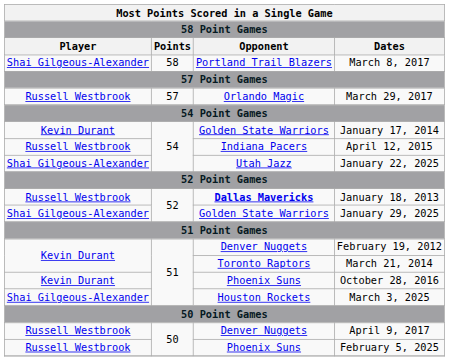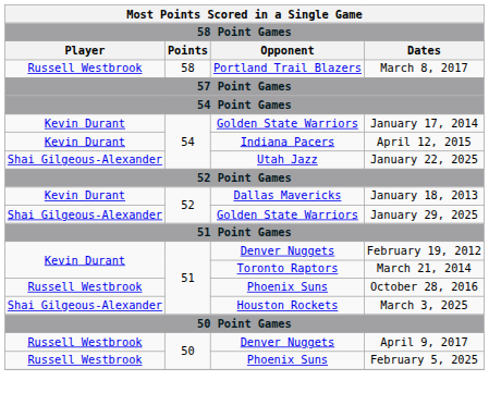 <table class="wikitable sortable" style="text-align:center">
 <tr>
 <th colspan="4">Most Points Scored in a Single Game</th>
 </tr>
 <tr>
 <th colspan="4" style="text-align:center; background:#A1A1A4; color:#061922;">58 Point Games</th>
 </tr>
 <tr>
 <th>Player</th>
 <th>Points</th>
 <th>Opponent</th>
 <th>Dates</th>
 </tr>
 <tr>
-<td><a href='#'>Shai Gilgeous-Alexander</a></td>
+<td><a href='#'>Russell Westbrook</a></td>
 <td>58</td>
 <td><a href='#'>Portland Trail Blazers</a></td>
 <td>March 8, 2017</td>
 </tr>
 <tr>
 </tr>
 <tr>
 <th colspan="4" style="text-align:center; background:#A1A1A4; color:#061922;">57 Point Games</th>
-</tr>
-<tr>
-<td><a href='#'>Russell Westbrook</a></td>
-<td>57</td>
-<td><a href='#'>Orlando Magic</a></td>
-<td>March 29, 2017</td>
 </tr>
 <tr>
 <th colspan="4" style="text-align:center; background:#A1A1A4; color:#061922;">54 Point Games</th>
 </tr>
 <tr>
 <td><a href='#'>Kevin Durant</a></td>
 <td rowspan="3">54</td>
 <td><a href='#'>Golden State Warriors</a></td>
 <td>January 17, 2014</td>
 </tr>
 <tr>
-<td><a href='#'>Russell Westbrook</a></td>
+<td><a href='#'>Kevin Durant</a></td>
 <td><a href='#'>Indiana Pacers</a></td>
 <td>April 12, 2015</td>
 </tr>
 <tr>
 <td><a href='#'>Shai Gilgeous-Alexander</a></td>
 <td><a href='#'>Utah Jazz</a></td>
 <td>January 22, 2025</td>
 </tr>
 <tr>
 <th colspan="4" style="text-align:center; background:#A1A1A4; color:#061922;">52 Point Games</th>
 </tr>
 <tr>
-<td><a href='#'>Russell Westbrook</a></td>
+<td><a href='#'>Kevin Durant</a></td>
 <td rowspan=2>52</td>
-<td><strong><a href='#'>Dallas Mavericks</a></strong></td>
+<td><a href='#'>Dallas Mavericks</a></td>
 <td>January 18, 2013</td>
 </tr>
 <tr>
 <td><a href='#'>Shai Gilgeous-Alexander</a></td>
 <td><a href='#'>Golden State Warriors</a></td>
 <td>January 29, 2025</td>
 </tr>
 <tr>
 <th colspan="4" style="text-align:center; background:#A1A1A4; color:#061922;">51 Point Games</th>
 </tr>
 <tr>
 <td rowspan="2"><a href='#'>Kevin Durant</a></td>
 <td rowspan="4">51</td>
 <td><a href='#'>Denver Nuggets</a></td>
 <td>February 19, 2012</td>
 </tr>
 <tr>
 <td><a href='#'>Toronto Raptors</a></td>
 <td>March 21, 2014</td>
 </tr>
 <tr>
-<td><a href='#'>Kevin Durant</a></td>
+<td><a href='#'>Russell Westbrook</a></td>
 <td><a href='#'>Phoenix Suns</a></td>
 <td>October 28, 2016</td>
 </tr>
 <tr>
 <td><a href='#'>Shai Gilgeous-Alexander</a></td>
 <td><a href='#'>Houston Rockets</a></td>
 <td>March 3, 2025</td>
 </tr>
 <tr>
 <th colspan="4" style="text-align:center; background:#A1A1A4; color:#061922;">50 Point Games</th>
 </tr>
 <tr>
 <td><a href='#'>Russell Westbrook</a></td>
 <td rowspan=2>50</td>
 <td><a href='#'>Denver Nuggets</a></td>
 <td>April 9, 2017</td>
 </tr>
 <tr>
 <td><a href='#'>Russell Westbrook</a></td>
 <td><a href='#'>Phoenix Suns</a></td>
 <td>February 5, 2025</td>
 </tr>
 <tr>
 </tr>
 </table>
